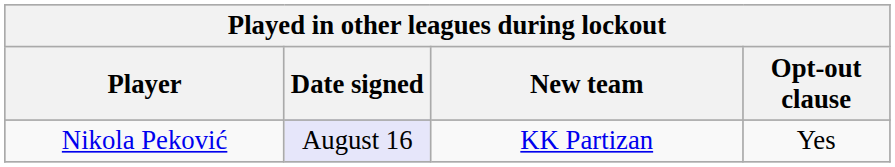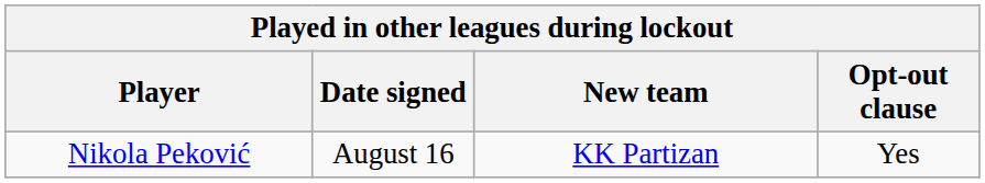 <table class="wikitable" style="text-align:center">
 <tr>
 <th colspan=4>Played in other leagues during lockout</th>
 </tr>
 <tr>
 <th style="width:160px">Player</th>
 <th style="width:80px">Date signed</th>
 <th style="width:180px">New team</th>
 <th style="width:80px">Opt-out clause</th>
 </tr>
 <tr>
 <td><a href='#'>Nikola Peković</a></td>
-<td style="background: lavender;">August 16</td>
+<td>August 16</td>
 <td><a href='#'>KK Partizan</a> </td>
 <td>Yes</td>
 </tr>
 </table>
